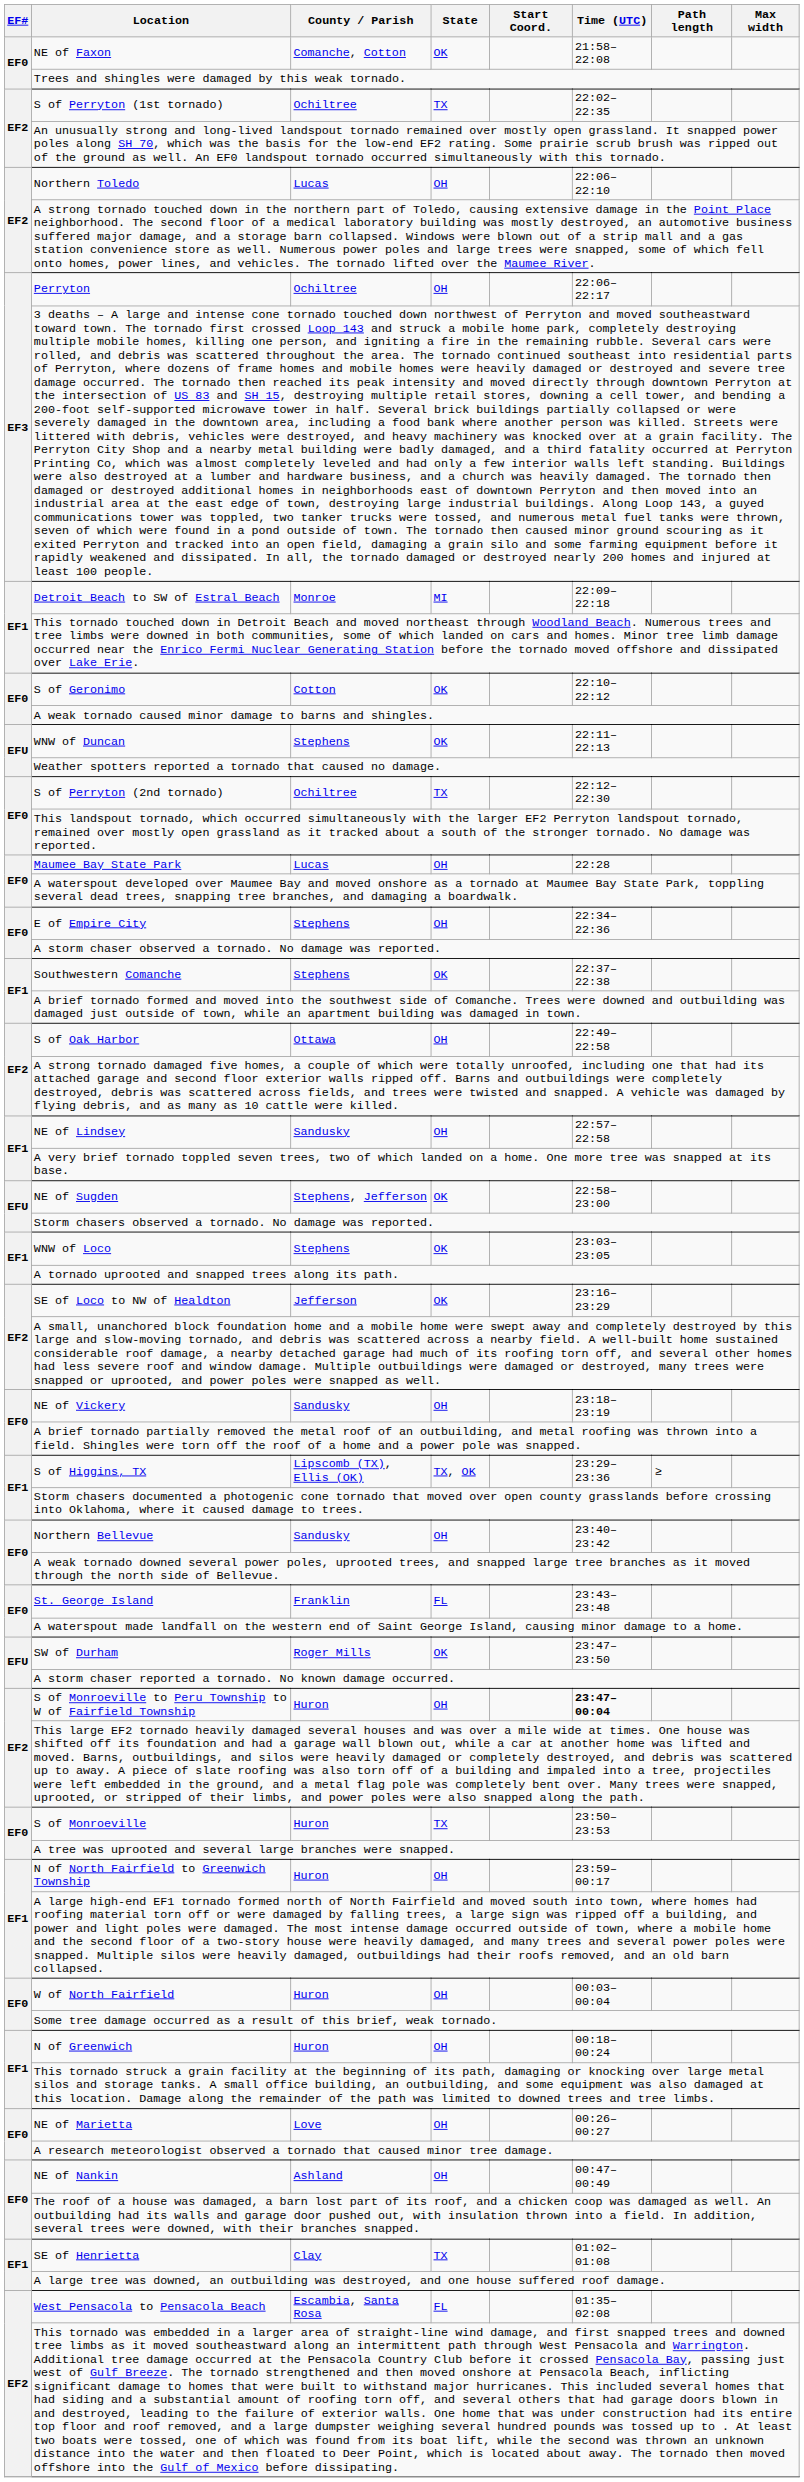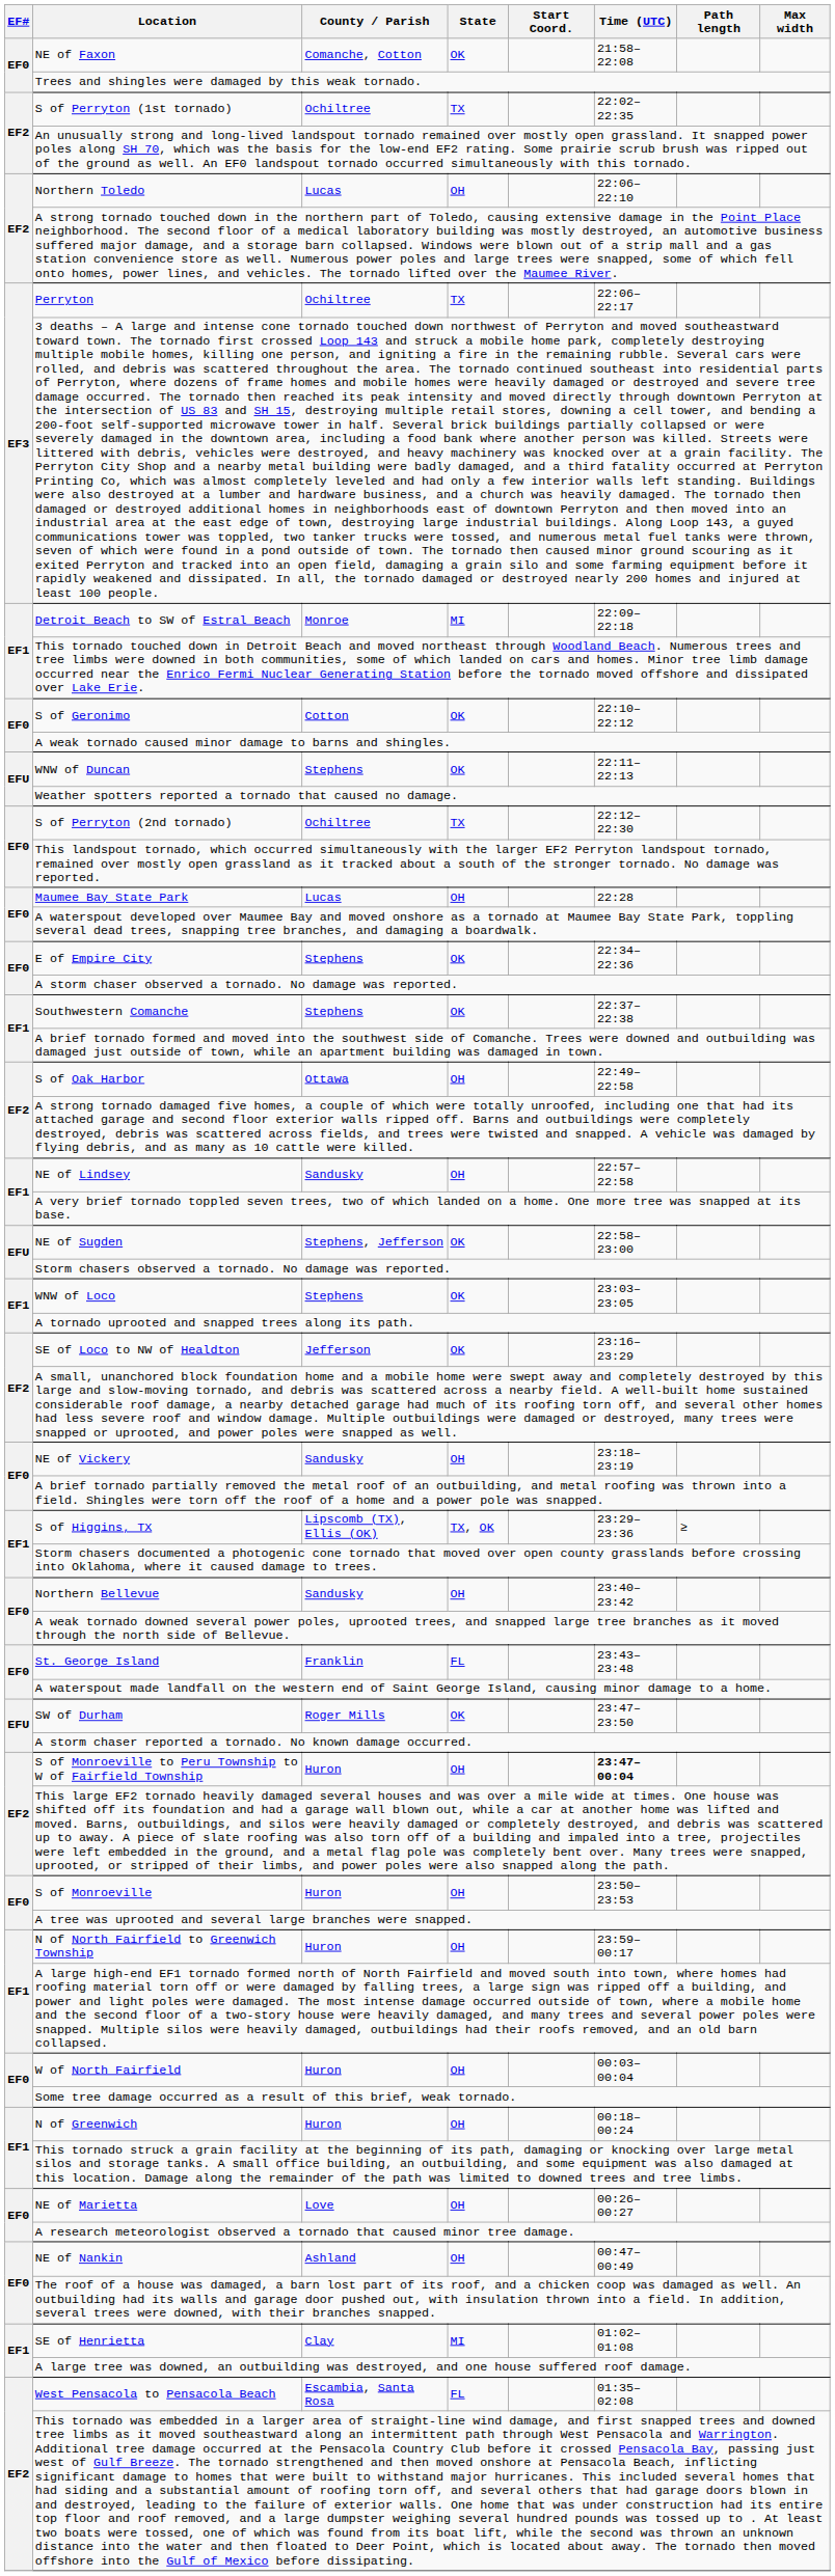 <table class="wikitable sortable" style="width:100%;">
 <tr>
 <th scope="col" width="2%" align="center"><a href='#'>EF#</a></th>
 <th scope="col" align="center" class="unsortable">Location</th>
 <th scope="col" align="center" class="unsortable">County / Parish</th>
 <th scope="col" align="center">State</th>
 <th scope="col" align="center">Start Coord.</th>
 <th scope="col" align="center">Time (<a href='#'>UTC</a>)</th>
 <th scope="col" align="center">Path length</th>
 <th scope="col" align="center">Max width</th>
 </tr>
 <tr>
 <th scope="row" rowspan="2" style="background-color:#">EF0</th>
 <td>NE of <a href='#'>Faxon</a></td>
 <td><a href='#'>Comanche</a>, <a href='#'>Cotton</a></td>
 <td><a href='#'>OK</a></td>
 <td></td>
 <td>21:58–22:08</td>
 <td></td>
 <td></td>
 </tr>
 <tr class="expand-child">
 <td colspan="8" style=" border-bottom: 1px solid black;">Trees and shingles were damaged by this weak tornado.</td>
 </tr>
 <tr>
 <th scope="row" rowspan="2" style="background-color:#">EF2</th>
 <td>S of <a href='#'>Perryton</a> (1st tornado)</td>
 <td><a href='#'>Ochiltree</a></td>
 <td><a href='#'>TX</a></td>
 <td></td>
 <td>22:02–22:35</td>
 <td></td>
 <td></td>
 </tr>
 <tr class="expand-child">
 <td colspan="8" style=" border-bottom: 1px solid black;">An unusually strong and long-lived landspout tornado remained over mostly open grassland. It snapped power poles along <a href='#'>SH 70</a>, which was the basis for the low-end EF2 rating. Some prairie scrub brush was ripped out of the ground as well. An EF0 landspout tornado occurred simultaneously with this tornado.</td>
 </tr>
 <tr>
 <th scope="row" rowspan="2" style="background-color:#">EF2</th>
 <td>Northern <a href='#'>Toledo</a></td>
 <td><a href='#'>Lucas</a></td>
 <td><a href='#'>OH</a></td>
 <td></td>
 <td>22:06–22:10</td>
 <td></td>
 <td></td>
 </tr>
 <tr class="expand-child">
 <td colspan="8" style=" border-bottom: 1px solid black;">A strong tornado touched down in the northern part of Toledo, causing extensive damage in the <a href='#'>Point Place</a> neighborhood. The second floor of a medical laboratory building was mostly destroyed, an automotive business suffered major damage, and a storage barn collapsed. Windows were blown out of a strip mall and a gas station convenience store as well. Numerous power poles and large trees were snapped, some of which fell onto homes, power lines, and vehicles. The tornado lifted over the <a href='#'>Maumee River</a>.</td>
 </tr>
 <tr>
 <th scope="row" rowspan="2" style="background-color:#">EF3</th>
 <td><a href='#'>Perryton</a></td>
 <td><a href='#'>Ochiltree</a></td>
-<td><a href='#'>OH</a></td>
+<td><a href='#'>TX</a></td>
 <td></td>
 <td>22:06–22:17</td>
 <td></td>
 <td></td>
 </tr>
 <tr class="expand-child">
 <td colspan="8" style=" border-bottom: 1px solid black;">3 deaths – A large and intense cone tornado touched down northwest of Perryton and moved southeastward toward town. The tornado first crossed <a href='#'>Loop 143</a> and struck a mobile home park, completely destroying multiple mobile homes, killing one person, and igniting a fire in the remaining rubble. Several cars were rolled, and debris was scattered throughout the area. The tornado continued southeast into residential parts of Perryton, where dozens of frame homes and mobile homes were heavily damaged or destroyed and severe tree damage occurred. The tornado then reached its peak intensity and moved directly through downtown Perryton at the intersection of <a href='#'>US 83</a> and <a href='#'>SH 15</a>, destroying multiple retail stores, downing a cell tower, and bending a 200-foot self-supported microwave tower in half. Several brick buildings partially collapsed or were severely damaged in the downtown area, including a food bank where another person was killed. Streets were littered with debris, vehicles were destroyed, and heavy machinery was knocked over at a grain facility. The Perryton City Shop and a nearby metal building were badly damaged, and a third fatality occurred at Perryton Printing Co, which was almost completely leveled and had only a few interior walls left standing. Buildings were also destroyed at a lumber and hardware business, and a church was heavily damaged. The tornado then damaged or destroyed additional homes in neighborhoods east of downtown Perryton and then moved into an industrial area at the east edge of town, destroying large industrial buildings. Along Loop 143, a guyed communications tower was toppled, two tanker trucks were tossed, and numerous metal fuel tanks were thrown, seven of which were found in a pond outside of town. The tornado then caused minor ground scouring as it exited Perryton and tracked into an open field, damaging a grain silo and some farming equipment before it rapidly weakened and dissipated. In all, the tornado damaged or destroyed nearly 200 homes and injured at least 100 people.</td>
 </tr>
 <tr>
 <th scope="row" rowspan="2" style="background-color:#">EF1</th>
 <td><a href='#'>Detroit Beach</a> to SW of <a href='#'>Estral Beach</a></td>
 <td><a href='#'>Monroe</a></td>
 <td><a href='#'>MI</a></td>
 <td></td>
 <td>22:09–22:18</td>
 <td></td>
 <td></td>
 </tr>
 <tr class="expand-child">
 <td colspan="8" style=" border-bottom: 1px solid black;">This tornado touched down in Detroit Beach and moved northeast through <a href='#'>Woodland Beach</a>. Numerous trees and tree limbs were downed in both communities, some of which landed on cars and homes. Minor tree limb damage occurred near the <a href='#'>Enrico Fermi Nuclear Generating Station</a> before the tornado moved offshore and dissipated over <a href='#'>Lake Erie</a>.</td>
 </tr>
 <tr>
 <th scope="row" rowspan="2" style="background-color:#">EF0</th>
 <td>S of <a href='#'>Geronimo</a></td>
 <td><a href='#'>Cotton</a></td>
 <td><a href='#'>OK</a></td>
 <td></td>
 <td>22:10–22:12</td>
 <td></td>
 <td></td>
 </tr>
 <tr class="expand-child">
 <td colspan="8" style=" border-bottom: 1px solid black;">A weak tornado caused minor damage to barns and shingles.</td>
 </tr>
 <tr>
 <th scope="row" rowspan="2" style="background-color:#">EFU</th>
 <td>WNW of <a href='#'>Duncan</a></td>
 <td><a href='#'>Stephens</a></td>
 <td><a href='#'>OK</a></td>
 <td></td>
 <td>22:11–22:13</td>
 <td></td>
 <td></td>
 </tr>
 <tr class="expand-child">
 <td colspan="8" style=" border-bottom: 1px solid black;">Weather spotters reported a tornado that caused no damage.</td>
 </tr>
 <tr>
 <th scope="row" rowspan="2" style="background-color:#">EF0</th>
 <td>S of <a href='#'>Perryton</a> (2nd tornado)</td>
 <td><a href='#'>Ochiltree</a></td>
 <td><a href='#'>TX</a></td>
 <td></td>
 <td>22:12–22:30</td>
 <td></td>
 <td></td>
 </tr>
 <tr class="expand-child">
 <td colspan="8" style=" border-bottom: 1px solid black;">This landspout tornado, which occurred simultaneously with the larger EF2 Perryton landspout tornado, remained over mostly open grassland as it tracked about a  south of the stronger tornado. No damage was reported.</td>
 </tr>
 <tr>
 <th scope="row" rowspan="2" style="background-color:#">EF0</th>
 <td><a href='#'>Maumee Bay State Park</a></td>
 <td><a href='#'>Lucas</a></td>
 <td><a href='#'>OH</a></td>
 <td></td>
 <td>22:28</td>
 <td></td>
 <td></td>
 </tr>
 <tr class="expand-child">
 <td colspan="8" style=" border-bottom: 1px solid black;">A waterspout developed over Maumee Bay and moved onshore as a tornado at Maumee Bay State Park, toppling several dead trees, snapping tree branches, and damaging a boardwalk.</td>
 </tr>
 <tr>
 <th scope="row" rowspan="2" style="background-color:#">EF0</th>
 <td>E of <a href='#'>Empire City</a></td>
 <td><a href='#'>Stephens</a></td>
-<td><a href='#'>OH</a></td>
+<td><a href='#'>OK</a></td>
 <td></td>
 <td>22:34–22:36</td>
 <td></td>
 <td></td>
 </tr>
 <tr class="expand-child">
 <td colspan="8" style=" border-bottom: 1px solid black;">A storm chaser observed a tornado. No damage was reported.</td>
 </tr>
 <tr>
 <th scope="row" rowspan="2" style="background-color:#">EF1</th>
 <td>Southwestern <a href='#'>Comanche</a></td>
 <td><a href='#'>Stephens</a></td>
 <td><a href='#'>OK</a></td>
 <td></td>
 <td>22:37–22:38</td>
 <td></td>
 <td></td>
 </tr>
 <tr class="expand-child">
 <td colspan="8" style=" border-bottom: 1px solid black;">A brief tornado formed and moved into the southwest side of Comanche. Trees were downed and outbuilding was damaged just outside of town, while an apartment building was damaged in town.</td>
 </tr>
 <tr>
 <th scope="row" rowspan="2" style="background-color:#">EF2</th>
 <td>S of <a href='#'>Oak Harbor</a></td>
 <td><a href='#'>Ottawa</a></td>
 <td><a href='#'>OH</a></td>
 <td></td>
 <td>22:49–22:58</td>
 <td></td>
 <td></td>
 </tr>
 <tr class="expand-child">
 <td colspan="8" style=" border-bottom: 1px solid black;">A strong tornado damaged five homes, a couple of which were totally unroofed, including one that had its attached garage and second floor exterior walls ripped off. Barns and outbuildings were completely destroyed, debris was scattered across fields, and trees were twisted and snapped. A vehicle was damaged by flying debris, and as many as 10 cattle were killed.</td>
 </tr>
 <tr>
 <th scope="row" rowspan="2" style="background-color:#">EF1</th>
 <td>NE of <a href='#'>Lindsey</a></td>
 <td><a href='#'>Sandusky</a></td>
 <td><a href='#'>OH</a></td>
 <td></td>
 <td>22:57–22:58</td>
 <td></td>
 <td></td>
 </tr>
 <tr class="expand-child">
 <td colspan="8" style=" border-bottom: 1px solid black;">A very brief tornado toppled seven trees, two of which landed on a home. One more tree was snapped at its base.</td>
 </tr>
 <tr>
 <th scope="row" rowspan="2" style="background-color:#">EFU</th>
 <td>NE of <a href='#'>Sugden</a></td>
 <td><a href='#'>Stephens</a>, <a href='#'>Jefferson</a></td>
 <td><a href='#'>OK</a></td>
 <td></td>
 <td>22:58–23:00</td>
 <td></td>
 <td></td>
 </tr>
 <tr class="expand-child">
 <td colspan="8" style=" border-bottom: 1px solid black;">Storm chasers observed a tornado. No damage was reported.</td>
 </tr>
 <tr>
 <th scope="row" rowspan="2" style="background-color:#">EF1</th>
 <td>WNW of <a href='#'>Loco</a></td>
 <td><a href='#'>Stephens</a></td>
 <td><a href='#'>OK</a></td>
 <td></td>
 <td>23:03–23:05</td>
 <td></td>
 <td></td>
 </tr>
 <tr class="expand-child">
 <td colspan="8" style=" border-bottom: 1px solid black;">A tornado uprooted and snapped trees along its path.</td>
 </tr>
 <tr>
 <th scope="row" rowspan="2" style="background-color:#">EF2</th>
 <td>SE of <a href='#'>Loco</a> to NW of <a href='#'>Healdton</a></td>
 <td><a href='#'>Jefferson</a></td>
 <td><a href='#'>OK</a></td>
 <td></td>
 <td>23:16–23:29</td>
 <td></td>
 <td></td>
 </tr>
 <tr class="expand-child">
 <td colspan="8" style=" border-bottom: 1px solid black;">A small, unanchored block foundation home and a mobile home were swept away and completely destroyed by this large and slow-moving tornado, and debris was scattered across a nearby field. A well-built home sustained considerable roof damage, a nearby detached garage had much of its roofing torn off, and several other homes had less severe roof and window damage. Multiple outbuildings were damaged or destroyed, many trees were snapped or uprooted, and power poles were snapped as well.</td>
 </tr>
 <tr>
 <th scope="row" rowspan="2" style="background-color:#">EF0</th>
 <td>NE of <a href='#'>Vickery</a></td>
 <td><a href='#'>Sandusky</a></td>
 <td><a href='#'>OH</a></td>
 <td></td>
 <td>23:18–23:19</td>
 <td></td>
 <td></td>
 </tr>
 <tr class="expand-child">
 <td colspan="8" style=" border-bottom: 1px solid black;">A brief tornado partially removed the metal roof of an outbuilding, and metal roofing was thrown into a field. Shingles were torn off the roof of a home and a power pole was snapped.</td>
 </tr>
 <tr>
 <th scope="row" rowspan="2" style="background-color:#">EF1</th>
 <td>S of <a href='#'>Higgins, TX</a></td>
 <td><a href='#'>Lipscomb (TX)</a>, <a href='#'>Ellis (OK)</a></td>
 <td><a href='#'>TX</a>, <a href='#'>OK</a></td>
 <td></td>
 <td>23:29–23:36</td>
 <td>≥</td>
 <td></td>
 </tr>
 <tr class="expand-child">
 <td colspan="8" style=" border-bottom: 1px solid black;">Storm chasers documented a photogenic cone tornado that moved over open county grasslands before crossing into Oklahoma, where it caused damage to trees.</td>
 </tr>
 <tr>
 <th scope="row" rowspan="2" style="background-color:#">EF0</th>
 <td>Northern <a href='#'>Bellevue</a></td>
 <td><a href='#'>Sandusky</a></td>
 <td><a href='#'>OH</a></td>
 <td></td>
 <td>23:40–23:42</td>
 <td></td>
 <td></td>
 </tr>
 <tr class="expand-child">
 <td colspan="8" style=" border-bottom: 1px solid black;">A weak tornado downed several power poles, uprooted trees, and snapped large tree branches as it moved through the north side of Bellevue.</td>
 </tr>
 <tr>
 <th scope="row" rowspan="2" style="background-color:#">EF0</th>
 <td><a href='#'>St. George Island</a></td>
 <td><a href='#'>Franklin</a></td>
 <td><a href='#'>FL</a></td>
 <td></td>
 <td>23:43–23:48</td>
 <td></td>
 <td></td>
 </tr>
 <tr class="expand-child">
 <td colspan="8" style=" border-bottom: 1px solid black;">A waterspout made landfall on the western end of Saint George Island, causing minor damage to a home.</td>
 </tr>
 <tr>
 <th scope="row" rowspan="2" style="background-color:#">EFU</th>
 <td>SW of <a href='#'>Durham</a></td>
 <td><a href='#'>Roger Mills</a></td>
 <td><a href='#'>OK</a></td>
 <td></td>
 <td>23:47–23:50</td>
 <td></td>
 <td></td>
 </tr>
 <tr class="expand-child">
 <td colspan="8" style=" border-bottom: 1px solid black;">A storm chaser reported a tornado. No known damage occurred.</td>
 </tr>
 <tr>
 <th scope="row" rowspan="2" style="background-color:#">EF2</th>
 <td>S of <a href='#'>Monroeville</a> to <a href='#'>Peru Township</a> to W of <a href='#'>Fairfield Township</a></td>
 <td><a href='#'>Huron</a></td>
 <td><a href='#'>OH</a></td>
 <td></td>
 <td><strong>23:47–00:04</strong></td>
 <td></td>
 <td></td>
 </tr>
 <tr class="expand-child">
 <td colspan="8" style=" border-bottom: 1px solid black;">This large EF2 tornado heavily damaged several houses and was over a mile wide at times. One house was shifted off its foundation and had a garage wall blown out, while a car at another home was lifted and moved. Barns, outbuildings, and silos were heavily damaged or completely destroyed, and debris was scattered up to  away. A piece of slate roofing was also torn off of a building and impaled into a tree, projectiles were left embedded in the ground, and a metal flag pole was completely bent over. Many trees were snapped, uprooted, or stripped of their limbs, and power poles were also snapped along the path.</td>
 </tr>
 <tr>
 <th scope="row" rowspan="2" style="background-color:#">EF0</th>
 <td>S of <a href='#'>Monroeville</a></td>
 <td><a href='#'>Huron</a></td>
-<td><a href='#'>TX</a></td>
+<td><a href='#'>OH</a></td>
 <td></td>
 <td>23:50–23:53</td>
 <td></td>
 <td></td>
 </tr>
 <tr class="expand-child">
 <td colspan="8" style=" border-bottom: 1px solid black;">A tree was uprooted and several large branches were snapped.</td>
 </tr>
 <tr>
 <th scope="row" rowspan="2" style="background-color:#">EF1</th>
 <td>N of <a href='#'>North Fairfield</a> to <a href='#'>Greenwich Township</a></td>
 <td><a href='#'>Huron</a></td>
 <td><a href='#'>OH</a></td>
 <td></td>
 <td>23:59–00:17</td>
 <td></td>
 <td></td>
 </tr>
 <tr class="expand-child">
 <td colspan="8" style=" border-bottom: 1px solid black;">A large high-end EF1 tornado formed north of North Fairfield and moved south into town, where homes had roofing material torn off or were damaged by falling trees, a large sign was ripped off a building, and power and light poles were damaged. The most intense damage occurred outside of town, where a mobile home and the second floor of a two-story house were heavily damaged, and many trees and several power poles were snapped. Multiple silos were heavily damaged, outbuildings had their roofs removed, and an old barn collapsed.</td>
 </tr>
 <tr>
 <th scope="row" rowspan="2" style="background-color:#">EF0</th>
 <td>W of <a href='#'>North Fairfield</a></td>
 <td><a href='#'>Huron</a></td>
 <td><a href='#'>OH</a></td>
 <td></td>
 <td>00:03–00:04</td>
 <td></td>
 <td></td>
 </tr>
 <tr class="expand-child">
 <td colspan="8" style=" border-bottom: 1px solid black;">Some tree damage occurred as a result of this brief, weak tornado.</td>
 </tr>
 <tr>
 <th scope="row" rowspan="2" style="background-color:#">EF1</th>
 <td>N of <a href='#'>Greenwich</a></td>
 <td><a href='#'>Huron</a></td>
 <td><a href='#'>OH</a></td>
 <td></td>
 <td>00:18–00:24</td>
 <td></td>
 <td></td>
 </tr>
 <tr class="expand-child">
 <td colspan="8" style=" border-bottom: 1px solid black;">This tornado struck a grain facility at the beginning of its path, damaging or knocking over large metal silos and storage tanks. A small office building, an outbuilding, and some equipment was also damaged at this location. Damage along the remainder of the path was limited to downed trees and tree limbs.</td>
 </tr>
 <tr>
 <th scope="row" rowspan="2" style="background-color:#">EF0</th>
 <td>NE of <a href='#'>Marietta</a></td>
 <td><a href='#'>Love</a></td>
 <td><a href='#'>OH</a></td>
 <td></td>
 <td>00:26–00:27</td>
 <td></td>
 <td></td>
 </tr>
 <tr class="expand-child">
 <td colspan="8" style=" border-bottom: 1px solid black;">A research meteorologist observed a tornado that caused minor tree damage.</td>
 </tr>
 <tr>
 <th scope="row" rowspan="2" style="background-color:#">EF0</th>
 <td>NE of <a href='#'>Nankin</a></td>
 <td><a href='#'>Ashland</a></td>
 <td><a href='#'>OH</a></td>
 <td></td>
 <td>00:47–00:49</td>
 <td></td>
 <td></td>
 </tr>
 <tr class="expand-child">
 <td colspan="8" style=" border-bottom: 1px solid black;">The roof of a house was damaged, a barn lost part of its roof, and a chicken coop was damaged as well. An outbuilding had its walls and garage door pushed out, with insulation thrown into a field. In addition, several trees were downed, with their branches snapped.</td>
 </tr>
 <tr>
 <th scope="row" rowspan="2" style="background-color:#">EF1</th>
 <td>SE of <a href='#'>Henrietta</a></td>
 <td><a href='#'>Clay</a></td>
-<td><a href='#'>TX</a></td>
+<td><a href='#'>MI</a></td>
 <td></td>
 <td>01:02–01:08</td>
 <td></td>
 <td></td>
 </tr>
 <tr class="expand-child">
 <td colspan="8" style=" border-bottom: 1px solid black;">A large tree was downed, an outbuilding was destroyed, and one house suffered roof damage.</td>
 </tr>
 <tr>
 <th scope="row" rowspan="2" style="background-color:#">EF2</th>
 <td><a href='#'>West Pensacola</a> to <a href='#'>Pensacola Beach</a></td>
 <td><a href='#'>Escambia</a>, <a href='#'>Santa Rosa</a></td>
 <td><a href='#'>FL</a></td>
 <td></td>
 <td>01:35–02:08</td>
 <td></td>
 <td></td>
 </tr>
 <tr class="expand-child">
 <td colspan="8" style=" border-bottom: 1px solid black;">This tornado was embedded in a larger area of straight-line wind damage, and first snapped trees and downed tree limbs as it moved southeastward along an intermittent path through West Pensacola and <a href='#'>Warrington</a>. Additional tree damage occurred at the Pensacola Country Club before it crossed <a href='#'>Pensacola Bay</a>, passing just west of <a href='#'>Gulf Breeze</a>. The tornado strengthened and then moved onshore at Pensacola Beach, inflicting significant damage to homes that were built to withstand major hurricanes. This included several homes that had siding and a substantial amount of roofing torn off, and several others that had garage doors blown in and destroyed, leading to the failure of exterior walls. One home that was under construction had its entire top floor and roof removed, and a large dumpster weighing several hundred pounds was tossed up to . At least two boats were tossed, one of which was found  from its boat lift, while the second was thrown an unknown distance into the water and then floated to Deer Point, which is located about  away. The tornado then moved offshore into the <a href='#'>Gulf of Mexico</a> before dissipating.</td>
 </tr>
 <tr>
 </tr>
 </table>
